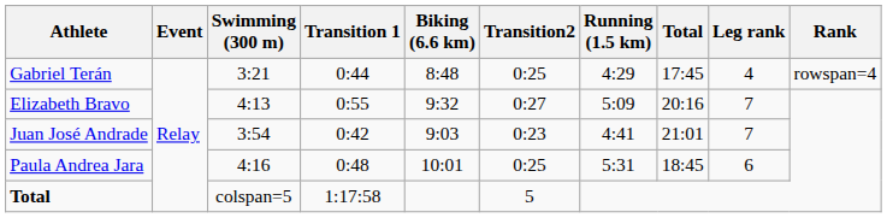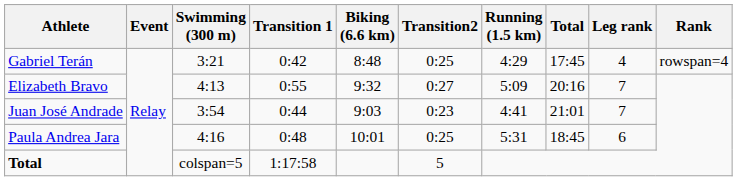 <table class=wikitable style=font-size:90%;text-align:center>
 <tr>
 <th>Athlete</th>
 <th>Event</th>
 <th>Swimming<br><span>(300 m)</span></th>
 <th>Transition 1</th>
 <th>Biking<br><span>(6.6 km)</span></th>
 <th>Transition2</th>
 <th>Running<br><span>(1.5 km)</span></th>
 <th>Total</th>
 <th>Leg rank</th>
 <th>Rank</th>
 </tr>
 <tr align=center>
 <td align=left><a href='#'>Gabriel Terán</a></td>
 <td align=left rowspan=5><a href='#'>Relay</a></td>
 <td>3:21</td>
-<td>0:44</td>
+<td>0:42</td>
 <td>8:48</td>
 <td>0:25</td>
 <td>4:29</td>
 <td>17:45</td>
 <td>4</td>
 <td>rowspan=4 </td>
 </tr>
 <tr align=center>
 <td align=left><a href='#'>Elizabeth Bravo</a></td>
 <td>4:13</td>
 <td>0:55</td>
 <td>9:32</td>
 <td>0:27</td>
 <td>5:09</td>
 <td>20:16</td>
 <td>7</td>
 </tr>
 <tr align=center>
 <td align=left><a href='#'>Juan José Andrade</a></td>
 <td>3:54</td>
-<td>0:42</td>
+<td>0:44</td>
 <td>9:03</td>
 <td>0:23</td>
 <td>4:41</td>
 <td>21:01</td>
 <td>7</td>
 </tr>
 <tr align=center>
 <td align=left><a href='#'>Paula Andrea Jara</a></td>
 <td>4:16</td>
 <td>0:48</td>
 <td>10:01</td>
 <td>0:25</td>
 <td>5:31</td>
 <td>18:45</td>
 <td>6</td>
 </tr>
 <tr align=center>
 <td align=left><strong>Total</strong></td>
 <td>colspan=5 </td>
 <td>1:17:58</td>
 <td></td>
 <td>5</td>
 </tr>
 </table>
